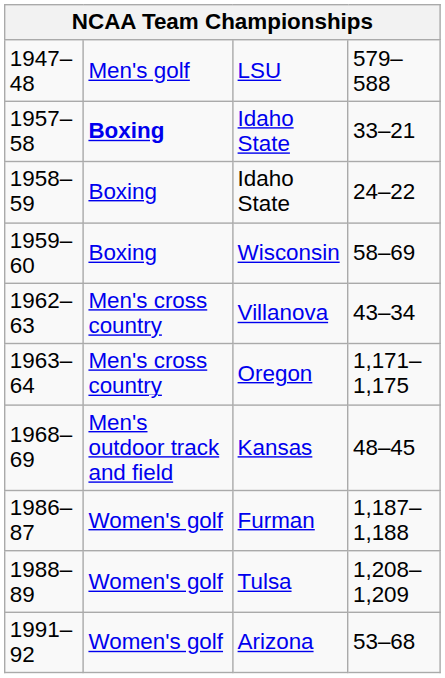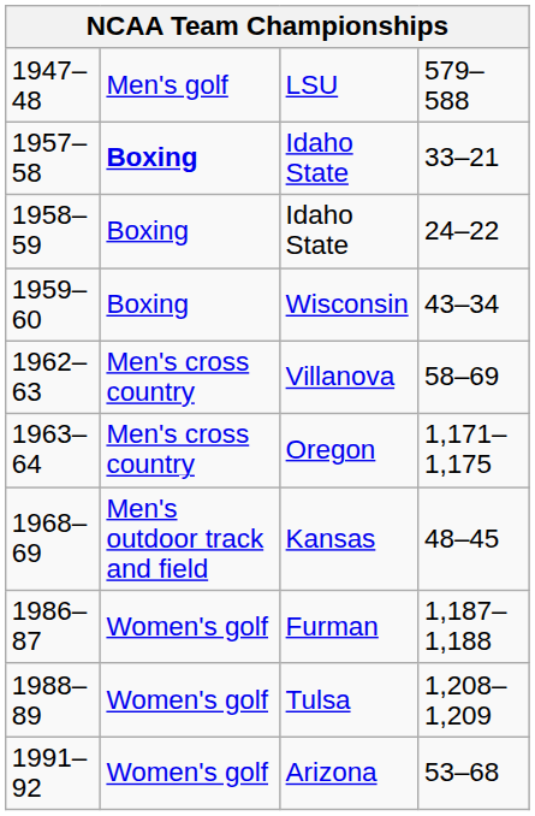 <table class="wikitable mw-collapsible mw-collapsed" width="50%">
 <tr align="left">
 <th colspan=5>NCAA Team Championships<br></th>
 </tr>
 <tr align="left" bgcolor="">
 <td>1947–48</td>
 <td><a href='#'>Men's golf</a></td>
 <td><a href='#'>LSU</a></td>
 <td>579–588</td>
 </tr>
 <tr align="left" bgcolor="">
 <td>1957–58</td>
 <td><strong><a href='#'>Boxing</a></strong></td>
 <td><a href='#'>Idaho State</a></td>
 <td>33–21</td>
 </tr>
 <tr align="left" bgcolor="">
 <td>1958–59</td>
 <td><a href='#'>Boxing</a></td>
 <td>Idaho State</td>
 <td>24–22</td>
 </tr>
 <tr align="left" bgcolor="">
 <td>1959–60</td>
 <td><a href='#'>Boxing</a></td>
 <td><a href='#'>Wisconsin</a></td>
-<td>58–69</td>
+<td>43–34</td>
 </tr>
 <tr align="left" bgcolor="">
 <td>1962–63</td>
 <td><a href='#'>Men's cross country</a></td>
 <td><a href='#'>Villanova</a></td>
-<td>43–34</td>
+<td>58–69</td>
 </tr>
 <tr align="left" bgcolor="">
 <td>1963–64</td>
 <td><a href='#'>Men's cross country</a></td>
 <td><a href='#'>Oregon</a></td>
 <td>1,171–1,175</td>
 </tr>
 <tr align="left" bgcolor="">
 <td>1968–69</td>
 <td><a href='#'>Men's outdoor track and field</a></td>
 <td><a href='#'>Kansas</a></td>
 <td>48–45</td>
 </tr>
 <tr align="left" bgcolor="">
 <td>1986–87</td>
 <td><a href='#'>Women's golf</a></td>
 <td><a href='#'>Furman</a></td>
 <td>1,187–1,188</td>
 </tr>
 <tr align="left" bgcolor="">
 <td>1988–89</td>
 <td><a href='#'>Women's golf</a></td>
 <td><a href='#'>Tulsa</a></td>
 <td>1,208–1,209</td>
 </tr>
 <tr align="left" bgcolor="">
 <td>1991–92</td>
 <td><a href='#'>Women's golf</a></td>
 <td><a href='#'>Arizona</a></td>
 <td>53–68</td>
 </tr>
 </table>
